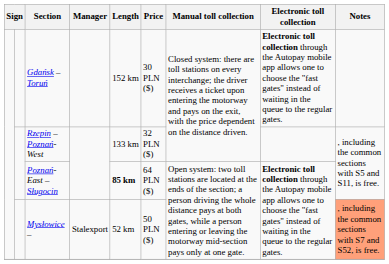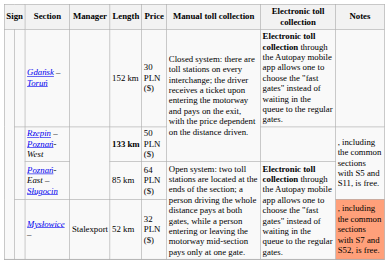 <table class="wikitable" style="margin:auto; align:center; text-align:left; font-size: 90%;"">
 <tr>
 <th colspan="2">Sign</th>
 <th>Section</th>
 <th>Manager</th>
 <th>Length</th>
 <th>Price</th>
 <th>Manual toll collection</th>
 <th>Electronic toll collection</th>
 <th>Notes</th>
 </tr>
 <tr>
 <td rowspan="4"></td>
 <td></td>
 <td><em><a href='#'>Gdańsk</a></em> – <em><a href='#'>Toruń</a></em></td>
 <td></td>
 <td>152 km</td>
 <td>30 PLN ($)</td>
 <td rowspan="2">Closed system: there are toll stations on every interchange; the driver receives a ticket upon entering the motorway and pays on the exit, with the price dependent on the distance driven.</td>
 <td><strong>Electronic toll collection</strong> through the Autopay mobile app allows one to choose the "fast gates" instead of waiting in the queue to the regular gates.</td>
 <td></td>
 </tr>
 <tr>
 <td rowspan="2"></td>
 <td><em><a href='#'>Rzepin</a></em> – <em><a href='#'>Poznań</a>-West</em></td>
 <td rowspan="2"></td>
-<td>133 km</td>
-<td>32 PLN ($)</td>
+<td><strong>133 km</strong></td>
+<td>50 PLN ($)</td>
 <td></td>
 <td rowspan="2">, including the common sections with S5 and S11, is free.</td>
 </tr>
 <tr>
 <td><em><a href='#'>Poznań</a>-East</em> – <em><a href='#'>Sługocin</a></em></td>
-<td><strong>85 km</strong></td>
+<td>85 km</td>
 <td>64 PLN ($)</td>
 <td rowspan="2">Open system: two toll stations are located at the ends of the section; a person driving the whole distance pays at both gates, while a person entering or leaving the motorway mid-section pays only at one gate.</td>
 <td rowspan="2"><strong>Electronic toll collection</strong> through the Autopay mobile app allows one to choose the "fast gates" instead of waiting in the queue to the regular gates.</td>
 </tr>
 <tr>
 <td></td>
 <td><em><a href='#'>Mysłowice</a></em> – </td>
 <td>Stalexport</td>
 <td>52 km</td>
-<td>50 PLN ($)</td>
+<td>32 PLN ($)</td>
 <td style="background: lightsalmon;">, including the common sections with S7 and S52, is free.</td>
 </tr>
 <tr>
 </tr>
 </table>
